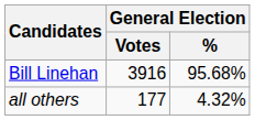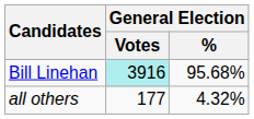 <table class=wikitable>
 <tr>
 <th colspan=1 rowspan=2><strong>Candidates</strong></th>
 <th colspan=2><strong>General Election</strong></th>
 </tr>
 <tr>
 <th>Votes</th>
 <th>%</th>
 </tr>
 <tr>
 <td><a href='#'>Bill Linehan</a></td>
-<td align="right">3916</td>
+<td align="right" style="background: paleturquoise;">3916</td>
 <td align="right">95.68%</td>
 </tr>
 <tr>
 <td><em>all others</em></td>
 <td align="right">177</td>
 <td align="right">4.32%</td>
 </tr>
 </table>
